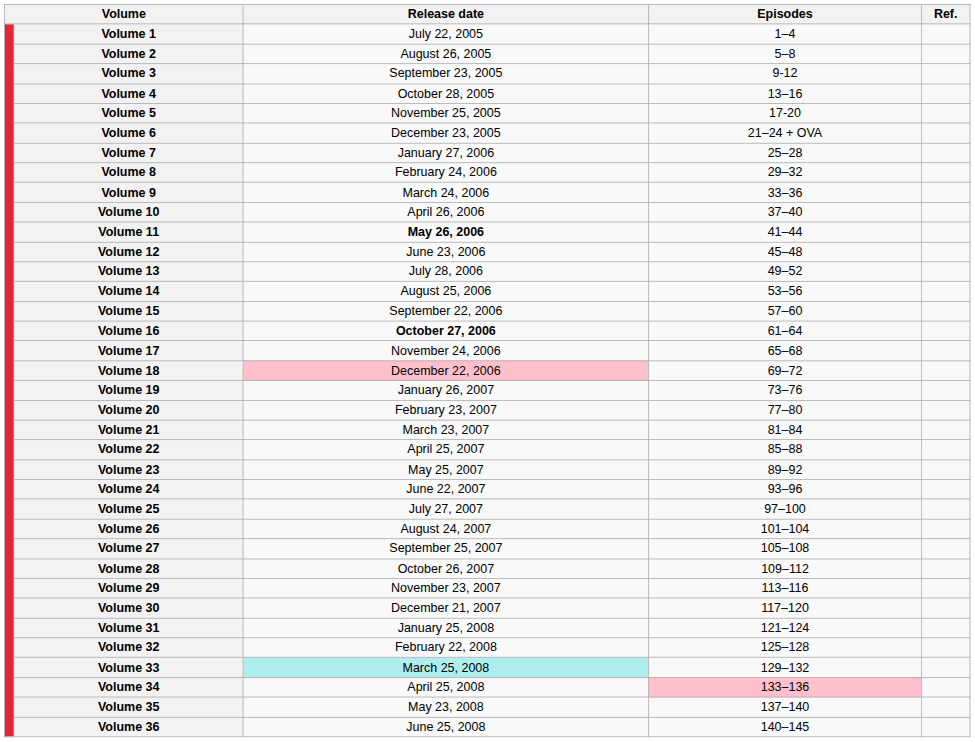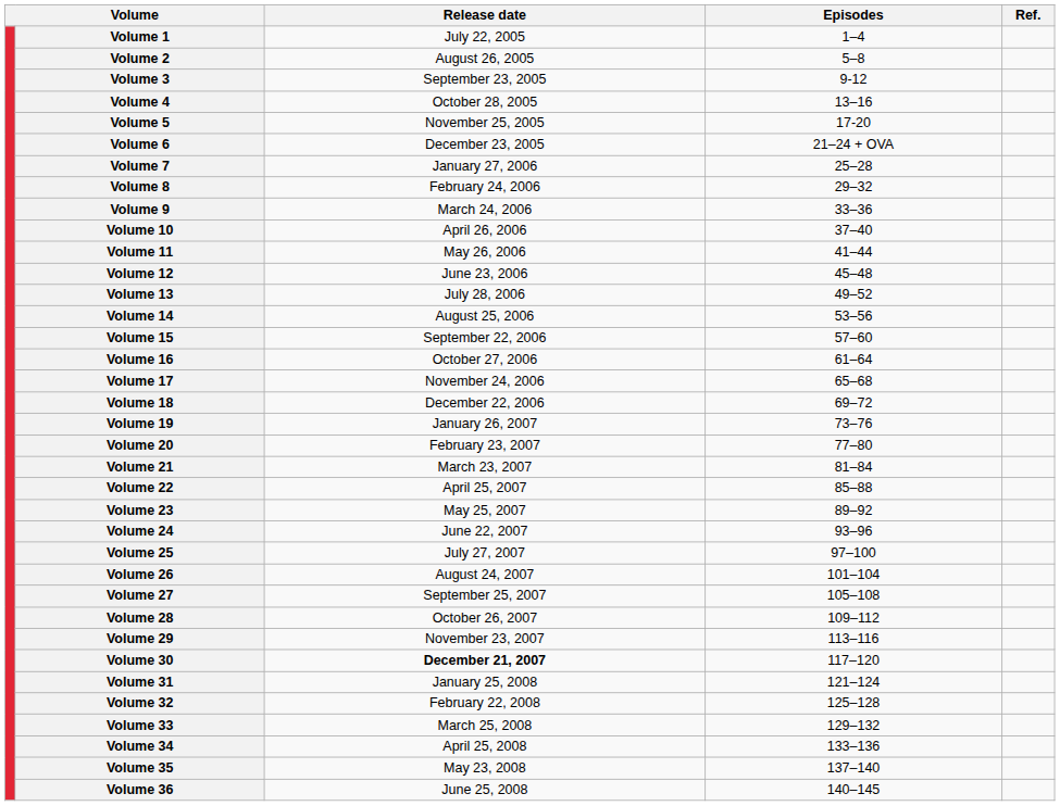 <table class="wikitable" style="text-align: center; width: 98%;">
 <tr>
 <th scope="column" colspan="2">Volume</th>
 <th scope="column">Release date</th>
 <th scope="column">Episodes</th>
 <th scope="column" width="5%">Ref.</th>
 </tr>
 <tr>
 <td rowspan="36" width="1%" style="background: #E32636;"></td>
 <th scope="row">Volume 1</th>
 <td>July 22, 2005</td>
 <td>1–4</td>
 <td></td>
 </tr>
 <tr>
 <th scope="row">Volume 2</th>
 <td>August 26, 2005</td>
 <td>5–8</td>
 <td></td>
 </tr>
 <tr>
 <th scope="row">Volume 3</th>
 <td>September 23, 2005</td>
 <td>9-12</td>
 <td></td>
 </tr>
 <tr>
 <th scope="row">Volume 4</th>
 <td>October 28, 2005</td>
 <td>13–16</td>
 <td></td>
 </tr>
 <tr>
 <th scope="row">Volume 5</th>
 <td>November 25, 2005</td>
 <td>17-20</td>
 <td></td>
 </tr>
 <tr>
 <th scope="row">Volume 6</th>
 <td>December 23, 2005</td>
 <td>21–24 + OVA</td>
 <td></td>
 </tr>
 <tr>
 <th scope="row">Volume 7</th>
 <td>January 27, 2006</td>
 <td>25–28</td>
 <td></td>
 </tr>
 <tr>
 <th scope="row">Volume 8</th>
 <td>February 24, 2006</td>
 <td>29–32</td>
 <td></td>
 </tr>
 <tr>
 <th scope="row">Volume 9</th>
 <td>March 24, 2006</td>
 <td>33–36</td>
 <td></td>
 </tr>
 <tr>
 <th scope="row">Volume 10</th>
 <td>April 26, 2006</td>
 <td>37–40</td>
 <td></td>
 </tr>
 <tr>
 <th scope="row">Volume 11</th>
-<td><strong>May 26, 2006</strong></td>
+<td>May 26, 2006</td>
 <td>41–44</td>
 <td></td>
 </tr>
 <tr>
 <th scope="row">Volume 12</th>
 <td>June 23, 2006</td>
 <td>45–48</td>
 <td></td>
 </tr>
 <tr>
 <th scope="row">Volume 13</th>
 <td>July 28, 2006</td>
 <td>49–52</td>
 <td></td>
 </tr>
 <tr>
 <th scope="row">Volume 14</th>
 <td>August 25, 2006</td>
 <td>53–56</td>
 <td></td>
 </tr>
 <tr>
 <th scope="row">Volume 15</th>
 <td>September 22, 2006</td>
 <td>57–60</td>
 <td></td>
 </tr>
 <tr>
 <th scope="row">Volume 16</th>
-<td><strong>October 27, 2006</strong></td>
+<td>October 27, 2006</td>
 <td>61–64</td>
 <td></td>
 </tr>
 <tr>
 <th scope="row">Volume 17</th>
 <td>November 24, 2006</td>
 <td>65–68</td>
 <td></td>
 </tr>
 <tr>
 <th scope="row">Volume 18</th>
-<td style="background: pink;">December 22, 2006</td>
+<td>December 22, 2006</td>
 <td>69–72</td>
 <td></td>
 </tr>
 <tr>
 <th scope="row">Volume 19</th>
 <td>January 26, 2007</td>
 <td>73–76</td>
 <td></td>
 </tr>
 <tr>
 <th scope="row">Volume 20</th>
 <td>February 23, 2007</td>
 <td>77–80</td>
 <td></td>
 </tr>
 <tr>
 <th scope="row">Volume 21</th>
 <td>March 23, 2007</td>
 <td>81–84</td>
 <td></td>
 </tr>
 <tr>
 <th scope="row">Volume 22</th>
 <td>April 25, 2007</td>
 <td>85–88</td>
 <td></td>
 </tr>
 <tr>
 <th scope="row">Volume 23</th>
 <td>May 25, 2007</td>
 <td>89–92</td>
 <td></td>
 </tr>
 <tr>
 <th scope="row">Volume 24</th>
 <td>June 22, 2007</td>
 <td>93–96</td>
 <td></td>
 </tr>
 <tr>
 <th scope="row">Volume 25</th>
 <td>July 27, 2007</td>
 <td>97–100</td>
 <td></td>
 </tr>
 <tr>
 <th scope="row">Volume 26</th>
 <td>August 24, 2007</td>
 <td>101–104</td>
 <td></td>
 </tr>
 <tr>
 <th scope="row">Volume 27</th>
 <td>September 25, 2007</td>
 <td>105–108</td>
 <td></td>
 </tr>
 <tr>
 <th scope="row">Volume 28</th>
 <td>October 26, 2007</td>
 <td>109–112</td>
 <td></td>
 </tr>
 <tr>
 <th scope="row">Volume 29</th>
 <td>November 23, 2007</td>
 <td>113–116</td>
 <td></td>
 </tr>
 <tr>
 <th scope="row">Volume 30</th>
-<td>December 21, 2007</td>
+<td><strong>December 21, 2007</strong></td>
 <td>117–120</td>
 <td></td>
 </tr>
 <tr>
 <th scope="row">Volume 31</th>
 <td>January 25, 2008</td>
 <td>121–124</td>
 <td></td>
 </tr>
 <tr>
 <th scope="row">Volume 32</th>
 <td>February 22, 2008</td>
 <td>125–128</td>
 <td></td>
 </tr>
 <tr>
 <th scope="row">Volume 33</th>
-<td style="background: paleturquoise;">March 25, 2008</td>
+<td>March 25, 2008</td>
 <td>129–132</td>
 <td></td>
 </tr>
 <tr>
 <th scope="row">Volume 34</th>
 <td>April 25, 2008</td>
-<td style="background: pink;">133–136</td>
+<td>133–136</td>
 <td></td>
 </tr>
 <tr>
 <th scope="row">Volume 35</th>
 <td>May 23, 2008</td>
 <td>137–140</td>
 <td></td>
 </tr>
 <tr>
 <th scope="row">Volume 36</th>
 <td>June 25, 2008</td>
 <td>140–145</td>
 <td></td>
 </tr>
 </table>
